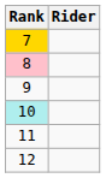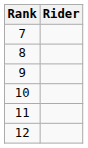 <table class="wikitable" style="font-size:95%" style="width:25em;">
 <tr>
 <th>Rank</th>
 <th>Rider</th>
 </tr>
 <tr>
-<td align=center style="background: gold;">7</td>
+<td align=center>7</td>
 <td></td>
 </tr>
 <tr>
-<td align=center style="background: pink;">8</td>
+<td align=center>8</td>
 <td></td>
 </tr>
 <tr>
 <td align=center>9</td>
 <td></td>
 </tr>
 <tr>
-<td align=center style="background: paleturquoise;">10</td>
+<td align=center>10</td>
 <td></td>
 </tr>
 <tr>
 <td align=center>11</td>
 <td></td>
 </tr>
 <tr>
 <td align=center>12</td>
 <td></td>
 </tr>
 </table>
